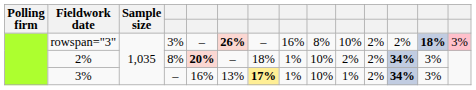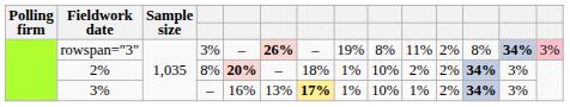 <table class="wikitable sortable" style="text-align:center;font-size:95%;line-height:14px;">
 <tr>
 <th rowspan="2">Polling<br>firm</th>
 <th rowspan="2">Fieldwork<br>date</th>
 <th rowspan="2">Sample<br>size</th>
 <th></th>
 <th></th>
 <th></th>
 <th></th>
 <th></th>
 <th></th>
 <th></th>
 <th></th>
 <th></th>
 <th></th>
 <th></th>
 </tr>
 <tr>
 <th style="background:"></th>
 <th style="background:"></th>
 <th style="background:"></th>
 <th style="background:"></th>
 <th style="background:"></th>
 <th style="background:"></th>
 <th style="background:"></th>
 <th style="background:"></th>
 <th style="background:"></th>
 <th style="background:"></th>
 <th style="background:"></th>
 </tr>
 <tr>
 <td rowspan="3" style="background:GreenYellow;"></td>
 <td>rowspan="3" </td>
 <td rowspan="3">1,035</td>
 <td>3%</td>
 <td>–</td>
 <td style="background:#FBD7D2;"><strong>26%</strong></td>
 <td>–</td>
-<td>16%</td>
+<td>19%</td>
 <td>8%</td>
-<td>10%</td>
+<td>11%</td>
 <td>2%</td>
-<td>2%</td>
-<td style="background:#C1CCE1;"><strong>18%</strong></td>
+<td>8%</td>
+<td style="background:#C1CCE1;"><strong>34%</strong></td>
 <td style="background: pink;">3%</td>
 </tr>
 <tr>
 <td>2%</td>
 <td>8%</td>
 <td style="background:#FBD7D2;"><strong>20%</strong></td>
 <td>–</td>
 <td>18%</td>
 <td>1%</td>
 <td>10%</td>
 <td>2%</td>
 <td>2%</td>
 <td style="background:#C1CCE1;"><strong>34%</strong></td>
 <td>3%</td>
 </tr>
 <tr>
 <td>3%</td>
 <td>–</td>
 <td>16%</td>
 <td>13%</td>
 <td style="background:#FFEF95;"><strong>17%</strong></td>
 <td>1%</td>
 <td>10%</td>
 <td>1%</td>
 <td>2%</td>
 <td style="background:#C1CCE1;"><strong>34%</strong></td>
 <td>3%</td>
 </tr>
 </table>
